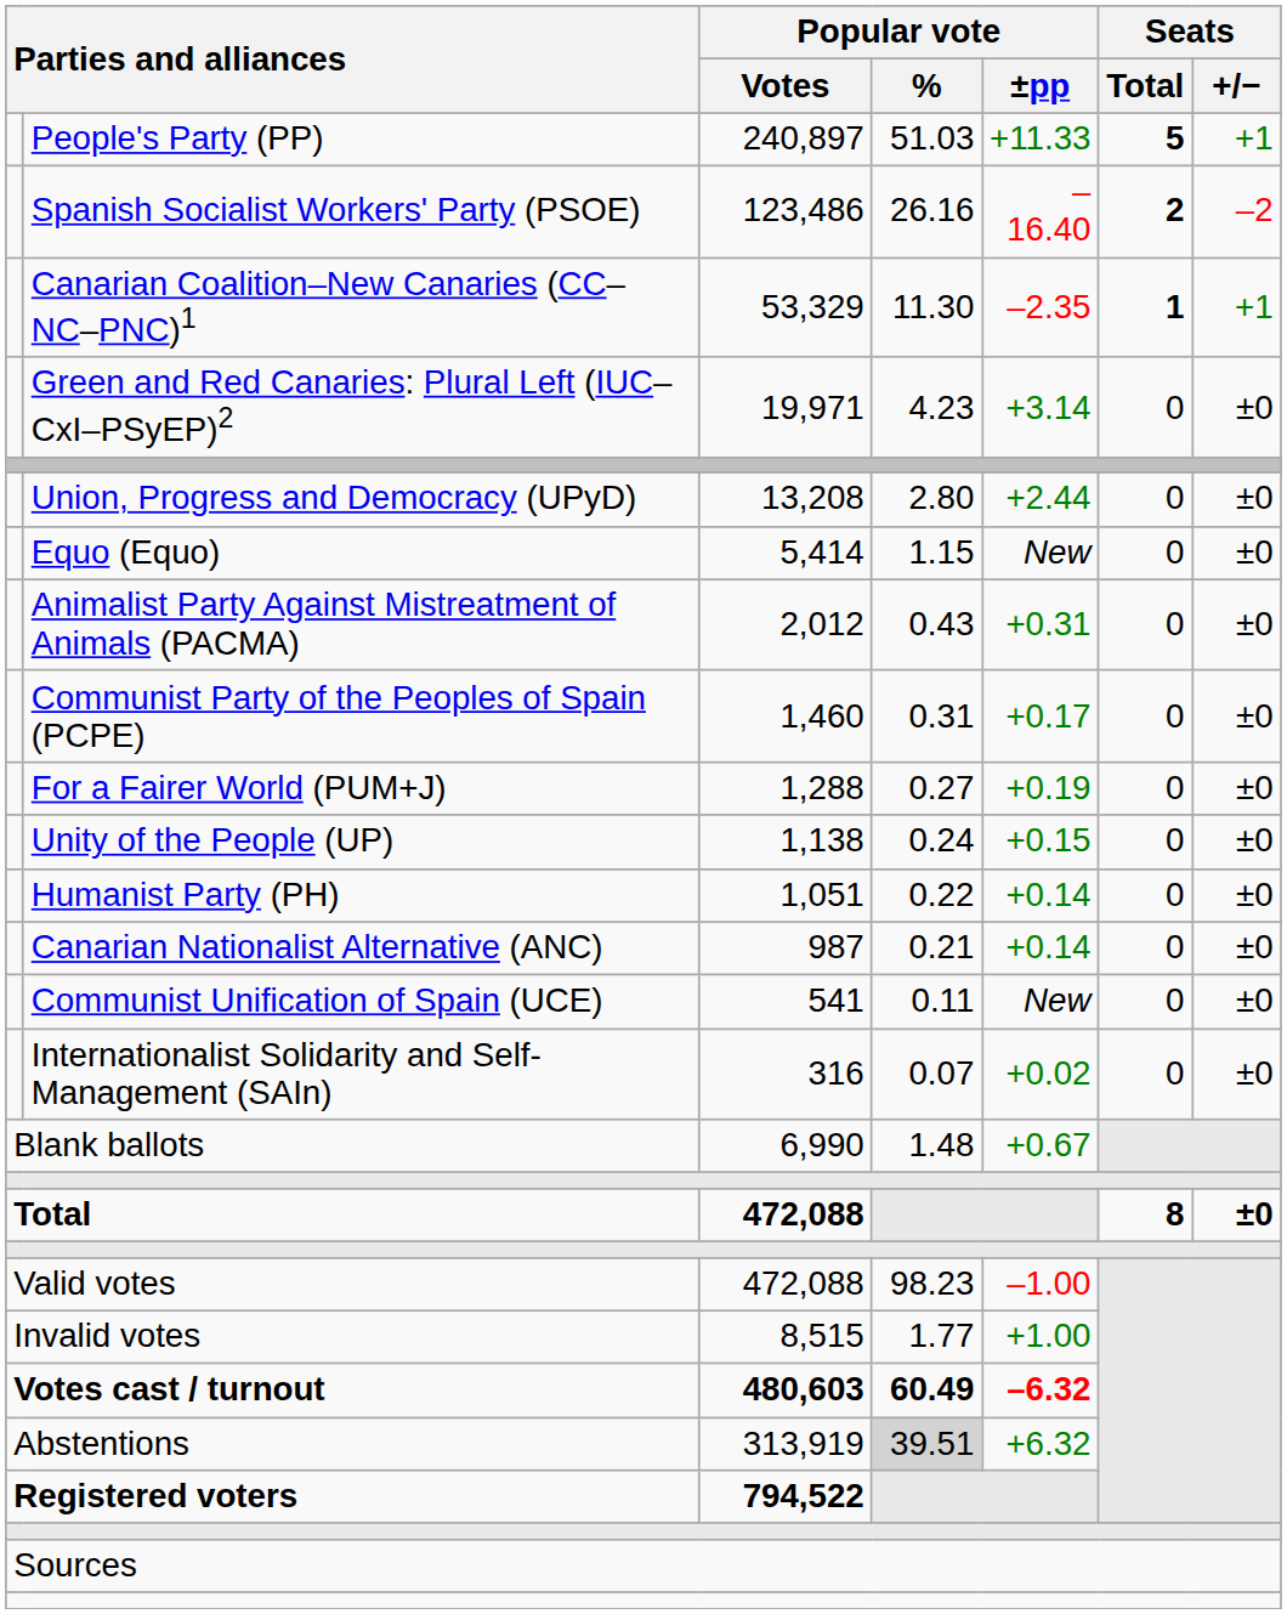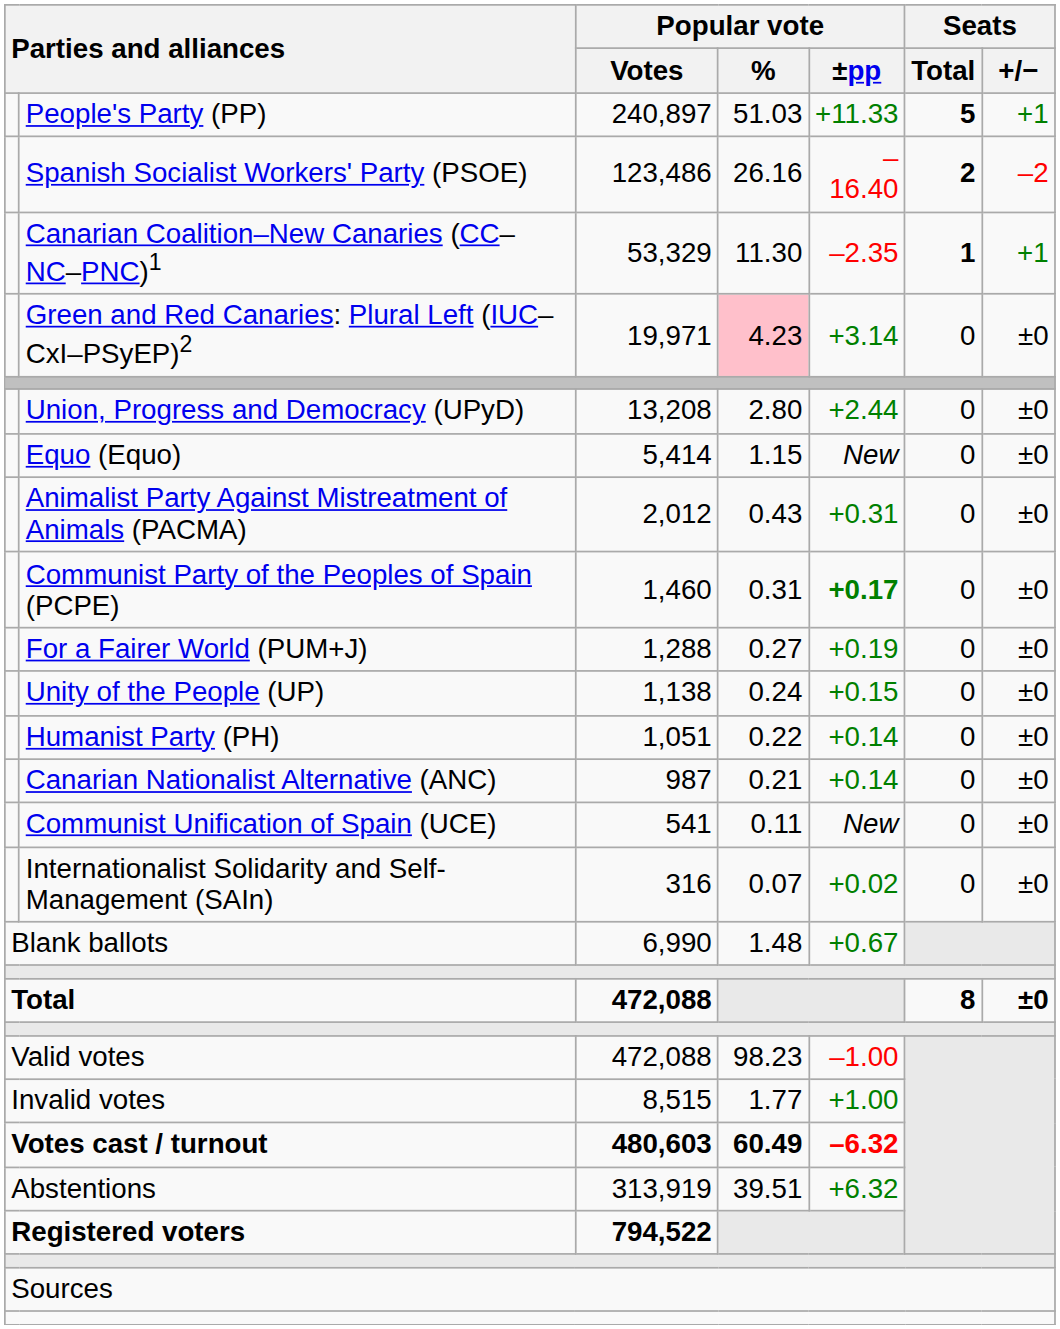 <table class="wikitable" style="text-align:right;">
 <tr>
 <th style="text-align:left;" rowspan="2" colspan="2" width="525">Parties and alliances</th>
 <th colspan="3">Popular vote</th>
 <th colspan="2">Seats</th>
 </tr>
 <tr>
 <th width="75">Votes</th>
 <th width="45">%</th>
 <th width="45">±<a href='#'>pp</a></th>
 <th width="35">Total</th>
 <th width="35">+/−</th>
 </tr>
 <tr>
 <td width="1" style="color:inherit;background:"></td>
 <td align="left"><a href='#'>People's Party</a> (PP)</td>
 <td>240,897</td>
 <td>51.03</td>
 <td style="color:green;">+11.33</td>
 <td><strong>5</strong></td>
 <td style="color:green;">+1</td>
 </tr>
 <tr>
 <td style="color:inherit;background:"></td>
 <td align="left"><a href='#'>Spanish Socialist Workers' Party</a> (PSOE)</td>
 <td>123,486</td>
 <td>26.16</td>
 <td style="color:red;">–16.40</td>
 <td><strong>2</strong></td>
 <td style="color:red;">–2</td>
 </tr>
 <tr>
 <td style="color:inherit;background:"></td>
 <td align="left"><a href='#'>Canarian Coalition–New Canaries</a> (<a href='#'>CC</a>–<a href='#'>NC</a>–<a href='#'>PNC</a>)<sup>1</sup></td>
 <td>53,329</td>
 <td>11.30</td>
 <td style="color:red;">–2.35</td>
 <td><strong>1</strong></td>
 <td style="color:green;">+1</td>
 </tr>
 <tr>
 <td style="color:inherit;background:"></td>
 <td align="left"><a href='#'>Green and Red Canaries</a>: <a href='#'>Plural Left</a> (<a href='#'>IUC</a>–CxI–PSyEP)<sup>2</sup></td>
 <td>19,971</td>
-<td>4.23</td>
+<td style="background: pink;">4.23</td>
 <td style="color:green;">+3.14</td>
 <td>0</td>
 <td>±0</td>
 </tr>
 <tr>
 <td colspan="7" bgcolor="#C0C0C0"></td>
 </tr>
 <tr>
 <td style="color:inherit;background:"></td>
 <td align="left"><a href='#'>Union, Progress and Democracy</a> (UPyD)</td>
 <td>13,208</td>
 <td>2.80</td>
 <td style="color:green;">+2.44</td>
 <td>0</td>
 <td>±0</td>
 </tr>
 <tr>
 <td style="color:inherit;background:"></td>
 <td align="left"><a href='#'>Equo</a> (Equo)</td>
 <td>5,414</td>
 <td>1.15</td>
 <td><em>New</em></td>
 <td>0</td>
 <td>±0</td>
 </tr>
 <tr>
 <td style="color:inherit;background:"></td>
 <td align="left"><a href='#'>Animalist Party Against Mistreatment of Animals</a> (PACMA)</td>
 <td>2,012</td>
 <td>0.43</td>
 <td style="color:green;">+0.31</td>
 <td>0</td>
 <td>±0</td>
 </tr>
 <tr>
 <td style="color:inherit;background:"></td>
 <td align="left"><a href='#'>Communist Party of the Peoples of Spain</a> (PCPE)</td>
 <td>1,460</td>
 <td>0.31</td>
-<td style="color:green;">+0.17</td>
+<td style="color:green;"><strong>+0.17</strong></td>
 <td>0</td>
 <td>±0</td>
 </tr>
 <tr>
 <td style="color:inherit;background:"></td>
 <td align="left"><a href='#'>For a Fairer World</a> (PUM+J)</td>
 <td>1,288</td>
 <td>0.27</td>
 <td style="color:green;">+0.19</td>
 <td>0</td>
 <td>±0</td>
 </tr>
 <tr>
 <td style="color:inherit;background:"></td>
 <td align="left"><a href='#'>Unity of the People</a> (UP)</td>
 <td>1,138</td>
 <td>0.24</td>
 <td style="color:green;">+0.15</td>
 <td>0</td>
 <td>±0</td>
 </tr>
 <tr>
 <td style="color:inherit;background:"></td>
 <td align="left"><a href='#'>Humanist Party</a> (PH)</td>
 <td>1,051</td>
 <td>0.22</td>
 <td style="color:green;">+0.14</td>
 <td>0</td>
 <td>±0</td>
 </tr>
 <tr>
 <td style="color:inherit;background:"></td>
 <td align="left"><a href='#'>Canarian Nationalist Alternative</a> (ANC)</td>
 <td>987</td>
 <td>0.21</td>
 <td style="color:green;">+0.14</td>
 <td>0</td>
 <td>±0</td>
 </tr>
 <tr>
 <td style="color:inherit;background:"></td>
 <td align="left"><a href='#'>Communist Unification of Spain</a> (UCE)</td>
 <td>541</td>
 <td>0.11</td>
 <td><em>New</em></td>
 <td>0</td>
 <td>±0</td>
 </tr>
 <tr>
 <td style="color:inherit;background:"></td>
 <td align="left">Internationalist Solidarity and Self-Management (SAIn)</td>
 <td>316</td>
 <td>0.07</td>
 <td style="color:green;">+0.02</td>
 <td>0</td>
 <td>±0</td>
 </tr>
 <tr>
 <td align="left" colspan="2">Blank ballots</td>
 <td>6,990</td>
 <td>1.48</td>
 <td style="color:green;">+0.67</td>
 <td bgcolor="#E9E9E9" colspan="2"></td>
 </tr>
 <tr>
 <td colspan="7" bgcolor="#E9E9E9"></td>
 </tr>
 <tr style="font-weight:bold;">
 <td align="left" colspan="2">Total</td>
 <td>472,088</td>
 <td bgcolor="#E9E9E9" colspan="2"></td>
 <td>8</td>
 <td>±0</td>
 </tr>
 <tr>
 <td colspan="7" bgcolor="#E9E9E9"></td>
 </tr>
 <tr>
 <td align="left" colspan="2">Valid votes</td>
 <td>472,088</td>
 <td>98.23</td>
 <td style="color:red;">–1.00</td>
 <td bgcolor="#E9E9E9" colspan="2" rowspan="5"></td>
 </tr>
 <tr>
 <td align="left" colspan="2">Invalid votes</td>
 <td>8,515</td>
 <td>1.77</td>
 <td style="color:green;">+1.00</td>
 </tr>
 <tr style="font-weight:bold;">
 <td align="left" colspan="2">Votes cast / turnout</td>
 <td>480,603</td>
 <td>60.49</td>
 <td style="color:red;">–6.32</td>
 </tr>
 <tr>
 <td align="left" colspan="2">Abstentions</td>
 <td>313,919</td>
-<td style="background: lightgrey;">39.51</td>
+<td>39.51</td>
 <td style="color:green;">+6.32</td>
 </tr>
 <tr style="font-weight:bold;">
 <td align="left" colspan="2">Registered voters</td>
 <td>794,522</td>
 <td bgcolor="#E9E9E9" colspan="2"></td>
 </tr>
 <tr>
 <td colspan="7" bgcolor="#E9E9E9"></td>
 </tr>
 <tr>
 <td align="left" colspan="7">Sources</td>
 </tr>
 <tr>
 <td colspan="7" style="text-align:left; max-width:790px;"></td>
 </tr>
 </table>
